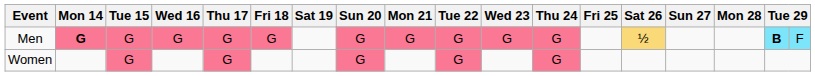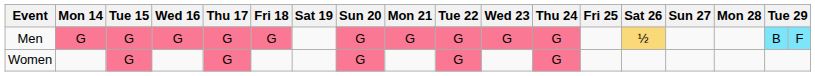 <table class="wikitable" style="margin:0.5em auto; font-size:90%; line-height:1.25em; text-align:center">
 <tr>
 <th>Event</th>
 <th>Mon 14</th>
 <th>Tue 15</th>
 <th>Wed 16</th>
 <th>Thu 17</th>
 <th>Fri 18</th>
 <th>Sat 19</th>
 <th>Sun 20</th>
 <th>Mon 21</th>
 <th>Tue 22</th>
 <th>Wed 23</th>
 <th>Thu 24</th>
 <th>Fri 25</th>
 <th>Sat 26</th>
 <th>Sun 27</th>
 <th>Mon 28</th>
 <th colspan="2">Tue 29</th>
 </tr>
 <tr>
 <td>Men</td>
-<td bgcolor="#FA7894"><strong>G</strong></td>
+<td bgcolor="#FA7894">G</td>
 <td bgcolor="#FA7894">G</td>
 <td bgcolor="#FA7894">G</td>
 <td bgcolor="#FA7894">G</td>
 <td bgcolor="#FA7894">G</td>
 <td></td>
 <td bgcolor="#FA7894">G</td>
 <td bgcolor="#FA7894">G</td>
 <td bgcolor="#FA7894">G</td>
 <td bgcolor="#FA7894">G</td>
 <td bgcolor="#FA7894">G</td>
 <td></td>
 <td bgcolor="#FAD978">½</td>
 <td></td>
 <td></td>
-<td bgcolor="#7DE5FA"><strong>B</strong></td>
+<td bgcolor="#7DE5FA">B</td>
 <td bgcolor="#7DE5FA">F</td>
 </tr>
 <tr>
 <td>Women</td>
 <td></td>
 <td bgcolor="#FA7894">G</td>
 <td></td>
 <td bgcolor="#FA7894">G</td>
 <td></td>
 <td></td>
 <td bgcolor="#FA7894">G</td>
 <td></td>
 <td bgcolor="#FA7894">G</td>
 <td></td>
 <td bgcolor="#FA7894">G</td>
 <td></td>
 <td></td>
 <td></td>
 <td></td>
 <td colspan=2></td>
 </tr>
 </table>
